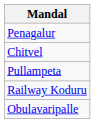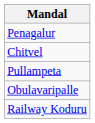 <table class="wikitable sortable static-row-numbers static-row-header-hash">
 <tr>
 <th>Mandal</th>
 </tr>
 <tr>
 <td><a href='#'>Penagalur</a></td>
 </tr>
 <tr>
 <td><a href='#'>Chitvel</a></td>
 </tr>
 <tr>
 <td><a href='#'>Pullampeta</a></td>
 </tr>
 <tr>
+<td><a href='#'>Obulavaripalle</a></td>
+</tr>
+<tr>
 <td><a href='#'>Railway Koduru</a></td>
 </tr>
-<tr>
-<td><a href='#'>Obulavaripalle</a></td>
-</tr>
 </table>
